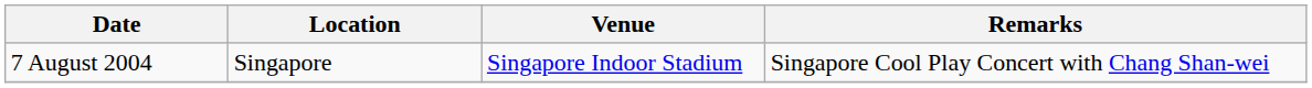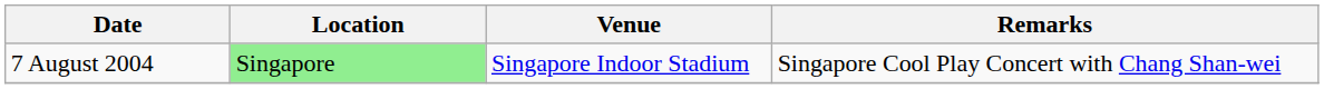 <table class="wikitable">
 <tr>
 <th width="140px">Date</th>
 <th width="160px">Location</th>
 <th width="180px">Venue</th>
 <th width="350px">Remarks</th>
 </tr>
 <tr>
 <td>7 August 2004</td>
-<td>Singapore</td>
+<td style="background: lightgreen;">Singapore</td>
 <td><a href='#'>Singapore Indoor Stadium</a></td>
 <td>Singapore Cool Play Concert with <a href='#'>Chang Shan-wei</a></td>
 </tr>
 <tr>
 </tr>
 </table>
